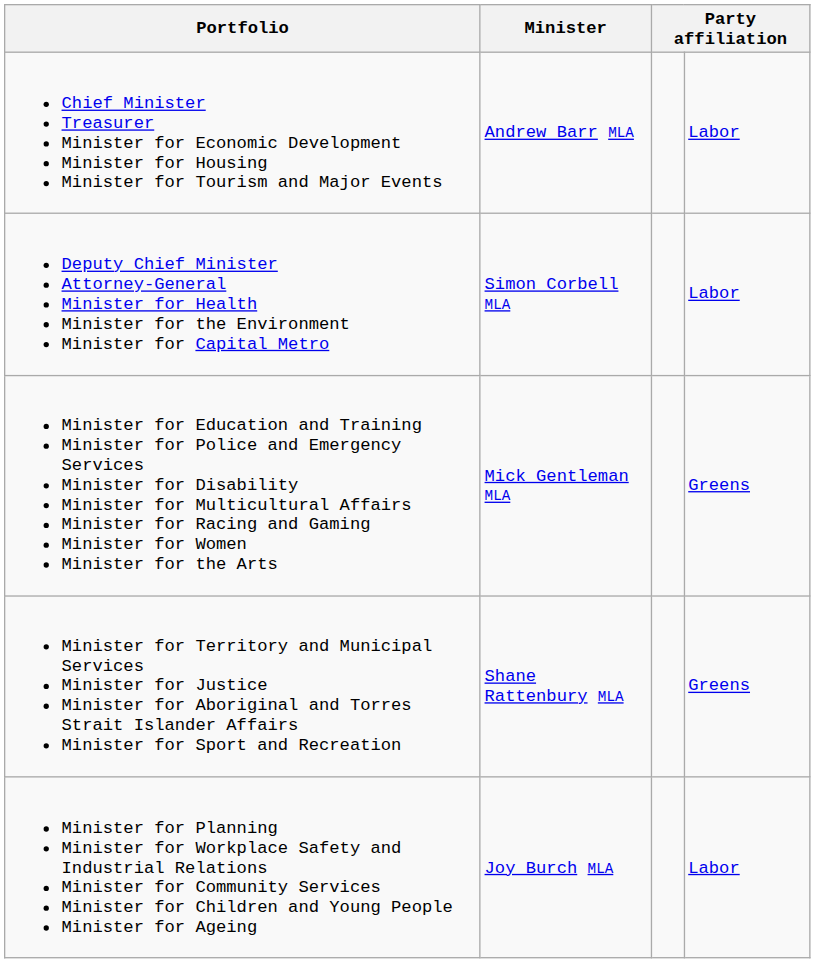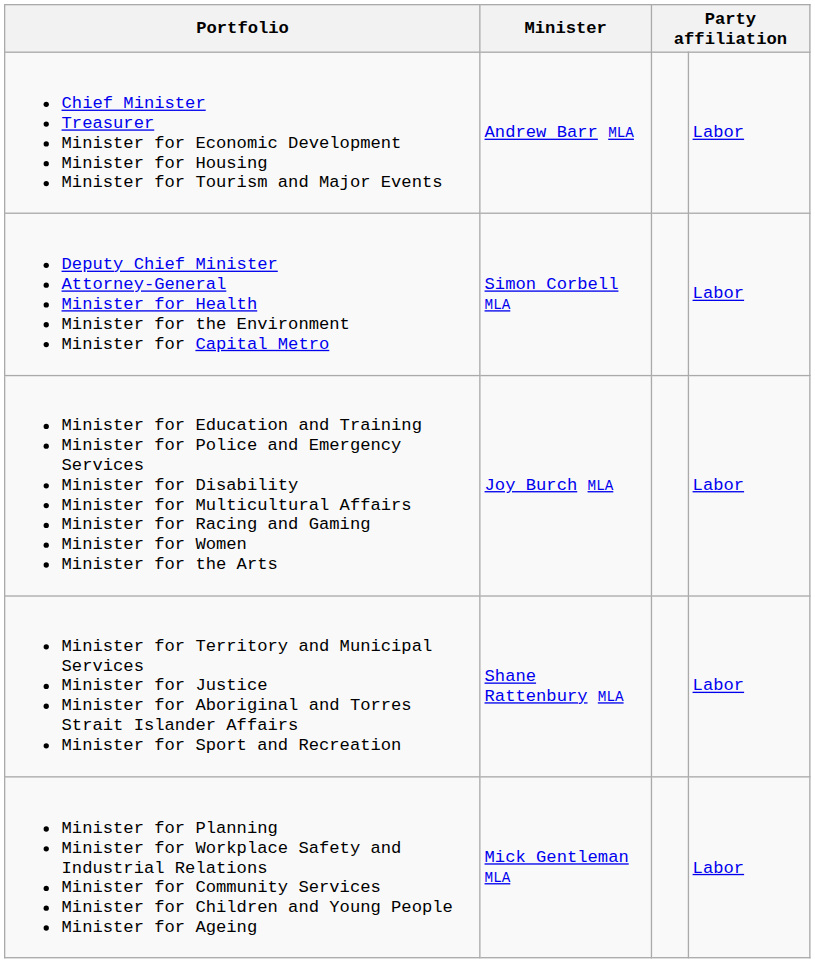 <table class="wikitable">
 <tr>
 <th>Portfolio</th>
 <th>Minister</th>
 <th colspan=2>Party affiliation</th>
 </tr>
 <tr>
 <td><br><ul><li><a href='#'>Chief Minister</a></li><li><a href='#'>Treasurer</a></li><li>Minister for Economic Development</li><li>Minister for Housing</li><li>Minister for Tourism and Major Events</li></ul></td>
 <td><a href='#'>Andrew Barr</a> <small><a href='#'>MLA</a></small></td>
 <td> </td>
 <td><a href='#'>Labor</a></td>
 </tr>
 <tr>
 <td><br><ul><li><a href='#'>Deputy Chief Minister</a></li><li><a href='#'>Attorney-General</a></li><li><a href='#'>Minister for Health</a></li><li>Minister for the Environment</li><li>Minister for <a href='#'>Capital Metro</a></li></ul></td>
 <td><a href='#'>Simon Corbell</a> <small><a href='#'>MLA</a></small></td>
 <td> </td>
 <td><a href='#'>Labor</a></td>
 </tr>
 <tr>
 <td><br><ul><li>Minister for Education and Training</li><li>Minister for Police and Emergency Services</li><li>Minister for Disability</li><li>Minister for Multicultural Affairs</li><li>Minister for Racing and Gaming</li><li>Minister for Women</li><li>Minister for the Arts</li></ul></td>
-<td><a href='#'>Mick Gentleman</a> <small><a href='#'>MLA</a></small></td>
+<td><a href='#'>Joy Burch</a> <small><a href='#'>MLA</a></small></td>
 <td> </td>
-<td><a href='#'>Greens</a></td>
+<td><a href='#'>Labor</a></td>
 </tr>
 <tr>
 <td><br><ul><li>Minister for Territory and Municipal Services</li><li>Minister for Justice</li><li>Minister for Aboriginal and Torres Strait Islander Affairs</li><li>Minister for Sport and Recreation</li></ul></td>
 <td><a href='#'>Shane Rattenbury</a> <small><a href='#'>MLA</a></small></td>
 <td> </td>
-<td><a href='#'>Greens</a></td>
+<td><a href='#'>Labor</a></td>
 </tr>
 <tr>
 <td><br><ul><li>Minister for Planning</li><li>Minister for Workplace Safety and Industrial Relations</li><li>Minister for Community Services</li><li>Minister for Children and Young People</li><li>Minister for Ageing</li></ul></td>
-<td><a href='#'>Joy Burch</a> <small><a href='#'>MLA</a></small></td>
+<td><a href='#'>Mick Gentleman</a> <small><a href='#'>MLA</a></small></td>
 <td> </td>
 <td><a href='#'>Labor</a></td>
 </tr>
 </table>
